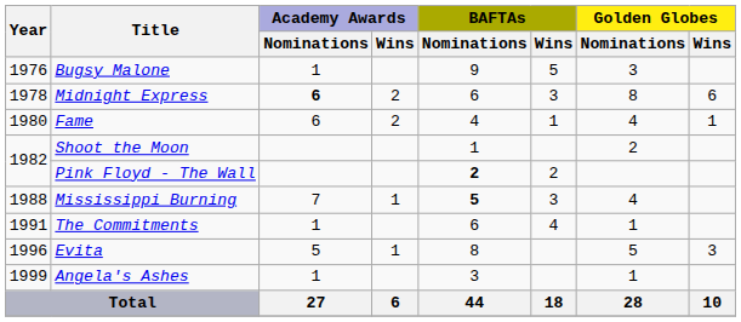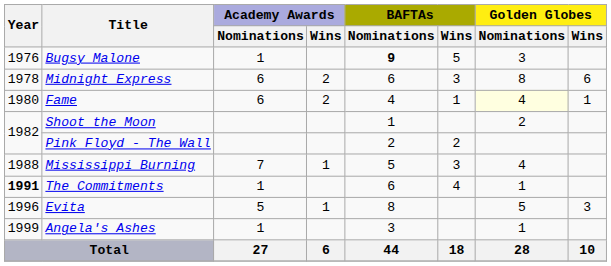 <table class="wikitable">
 <tr>
 <th rowspan="2">Year</th>
 <th rowspan="2">Title</th>
 <th colspan="2" style="background-color:#aaaade;">Academy Awards</th>
 <th colspan="2" style="background-color:#aa0;">BAFTAs</th>
 <th colspan="2" style="background-color:#fe1;">Golden Globes</th>
 </tr>
 <tr>
 <th>Nominations</th>
 <th>Wins</th>
 <th>Nominations</th>
 <th>Wins</th>
 <th>Nominations</th>
 <th>Wins</th>
 </tr>
 <tr>
 <td>1976</td>
 <td><em><a href='#'>Bugsy Malone</a></em></td>
 <td align=center>1</td>
 <td></td>
-<td align=center>9</td>
+<td align=center><strong>9</strong></td>
 <td align=center>5</td>
 <td align=center>3</td>
 <td></td>
 </tr>
 <tr>
 <td>1978</td>
 <td><a href='#'><em>Midnight Express</em></a></td>
-<td align=center><strong>6</strong></td>
+<td align=center>6</td>
 <td align=center>2</td>
 <td align=center>6</td>
 <td align=center>3</td>
 <td align=center>8</td>
 <td align=center>6</td>
 </tr>
 <tr>
 <td>1980</td>
 <td><a href='#'><em>Fame</em></a></td>
 <td align=center>6</td>
 <td align=center>2</td>
 <td align=center>4</td>
 <td align=center>1</td>
-<td align=center>4</td>
+<td align=center style="background: lightyellow;">4</td>
 <td align=center>1</td>
 </tr>
 <tr>
 <td rowspan="2">1982</td>
 <td><em><a href='#'>Shoot the Moon</a></em></td>
 <td></td>
 <td></td>
 <td align=center>1</td>
 <td></td>
 <td align=center>2</td>
 <td></td>
 </tr>
 <tr>
 <td><em><a href='#'>Pink Floyd - The Wall</a></em></td>
 <td></td>
 <td></td>
-<td align=center><strong>2</strong></td>
+<td align=center>2</td>
 <td align=center>2</td>
 <td></td>
 <td></td>
 </tr>
 <tr>
 <td>1988</td>
 <td><em><a href='#'>Mississippi Burning</a></em></td>
 <td align=center>7</td>
 <td align=center>1</td>
-<td align=center><strong>5</strong></td>
+<td align=center>5</td>
 <td align=center>3</td>
 <td align=center>4</td>
 <td></td>
 </tr>
 <tr>
-<td>1991</td>
+<td><strong>1991</strong></td>
 <td><a href='#'><em>The Commitments</em></a></td>
 <td align=center>1</td>
 <td></td>
 <td align=center>6</td>
 <td align=center>4</td>
 <td align=center>1</td>
 <td></td>
 </tr>
 <tr>
 <td>1996</td>
 <td><a href='#'><em>Evita</em></a></td>
 <td align=center>5</td>
 <td align=center>1</td>
 <td align=center>8</td>
 <td></td>
 <td align=center>5</td>
 <td align=center>3</td>
 </tr>
 <tr>
 <td>1999</td>
 <td><a href='#'><em>Angela's Ashes</em></a></td>
 <td align=center>1</td>
 <td></td>
 <td align=center>3</td>
 <td></td>
 <td align=center>1</td>
 <td></td>
 </tr>
 <tr>
 <th colspan="2" style="background-color:#b3b5c5";>Total</th>
 <th>27</th>
 <th>6</th>
 <th>44</th>
 <th>18</th>
 <th>28</th>
 <th>10</th>
 </tr>
 <tr>
 </tr>
 </table>
